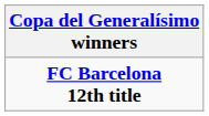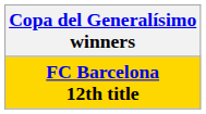 <table class="wikitable" style="text-align: center; margin: 0 auto;">
 <tr>
 <th><a href='#'>Copa del Generalísimo</a><br>winners</th>
 </tr>
 <tr>
-<td><strong><a href='#'>FC Barcelona</a></strong><br><strong>12th title</strong></td>
+<td style="background: gold;"><strong><a href='#'>FC Barcelona</a></strong><br><strong>12th title</strong></td>
 </tr>
 </table>
